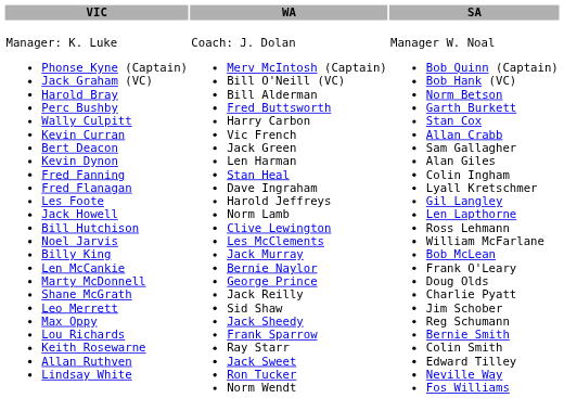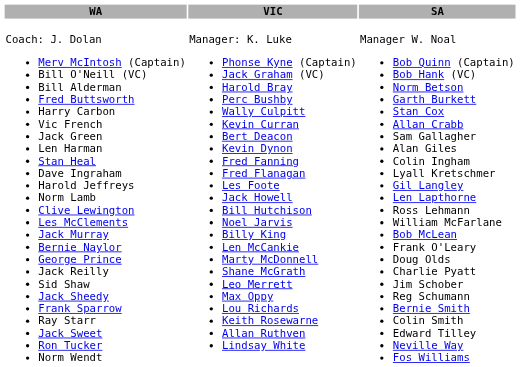 <table>
 <tr bgcolor="#B0B0B0">
+<th><span>WA</span></th>
 <th><span>VIC</span></th>
-<th><span>WA</span></th>
 <th><span>SA</span></th>
 </tr>
 <tr valign="top">
+<td><br>Coach: J. Dolan<ul><li><a href='#'>Merv McIntosh</a> (Captain)</li><li>Bill O'Neill (VC)</li><li>Bill Alderman</li><li><a href='#'>Fred Buttsworth</a></li><li>Harry Carbon</li><li>Vic French</li><li>Jack Green</li><li>Len Harman</li><li><a href='#'>Stan Heal</a></li><li>Dave Ingraham</li><li>Harold Jeffreys</li><li>Norm Lamb</li><li><a href='#'>Clive Lewington</a></li><li><a href='#'>Les McClements</a></li><li><a href='#'>Jack Murray</a></li><li><a href='#'>Bernie Naylor</a></li><li><a href='#'>George Prince</a></li><li>Jack Reilly</li><li>Sid Shaw</li><li><a href='#'>Jack Sheedy</a></li><li><a href='#'>Frank Sparrow</a></li><li>Ray Starr</li><li><a href='#'>Jack Sweet</a></li><li><a href='#'>Ron Tucker</a></li><li>Norm Wendt</li></ul></td>
 <td><br>Manager: K. Luke<ul><li><a href='#'>Phonse Kyne</a> (Captain)</li><li><a href='#'>Jack Graham</a> (VC)</li><li><a href='#'>Harold Bray</a></li><li><a href='#'>Perc Bushby</a></li><li><a href='#'>Wally Culpitt</a></li><li><a href='#'>Kevin Curran</a></li><li><a href='#'>Bert Deacon</a></li><li><a href='#'>Kevin Dynon</a></li><li><a href='#'>Fred Fanning</a></li><li><a href='#'>Fred Flanagan</a></li><li><a href='#'>Les Foote</a></li><li><a href='#'>Jack Howell</a></li><li><a href='#'>Bill Hutchison</a></li><li><a href='#'>Noel Jarvis</a></li><li><a href='#'>Billy King</a></li><li><a href='#'>Len McCankie</a></li><li><a href='#'>Marty McDonnell</a></li><li><a href='#'>Shane McGrath</a></li><li><a href='#'>Leo Merrett</a></li><li><a href='#'>Max Oppy</a></li><li><a href='#'>Lou Richards</a></li><li><a href='#'>Keith Rosewarne</a></li><li><a href='#'>Allan Ruthven</a></li><li><a href='#'>Lindsay White</a></li></ul></td>
-<td><br>Coach: J. Dolan<ul><li><a href='#'>Merv McIntosh</a> (Captain)</li><li>Bill O'Neill (VC)</li><li>Bill Alderman</li><li><a href='#'>Fred Buttsworth</a></li><li>Harry Carbon</li><li>Vic French</li><li>Jack Green</li><li>Len Harman</li><li><a href='#'>Stan Heal</a></li><li>Dave Ingraham</li><li>Harold Jeffreys</li><li>Norm Lamb</li><li><a href='#'>Clive Lewington</a></li><li><a href='#'>Les McClements</a></li><li><a href='#'>Jack Murray</a></li><li><a href='#'>Bernie Naylor</a></li><li><a href='#'>George Prince</a></li><li>Jack Reilly</li><li>Sid Shaw</li><li><a href='#'>Jack Sheedy</a></li><li><a href='#'>Frank Sparrow</a></li><li>Ray Starr</li><li><a href='#'>Jack Sweet</a></li><li><a href='#'>Ron Tucker</a></li><li>Norm Wendt</li></ul></td>
 <td><br>Manager W. Noal<ul><li><a href='#'>Bob Quinn</a> (Captain)</li><li><a href='#'>Bob Hank</a> (VC)</li><li><a href='#'>Norm Betson</a></li><li><a href='#'>Garth Burkett</a></li><li><a href='#'>Stan Cox</a></li><li><a href='#'>Allan Crabb</a></li><li>Sam Gallagher</li><li>Alan Giles</li><li>Colin Ingham</li><li>Lyall Kretschmer</li><li><a href='#'>Gil Langley</a></li><li><a href='#'>Len Lapthorne</a></li><li>Ross Lehmann</li><li>William McFarlane</li><li><a href='#'>Bob McLean</a></li><li>Frank O'Leary</li><li>Doug Olds</li><li>Charlie Pyatt</li><li>Jim Schober</li><li>Reg Schumann</li><li><a href='#'>Bernie Smith</a></li><li>Colin Smith</li><li>Edward Tilley</li><li><a href='#'>Neville Way</a></li><li><a href='#'>Fos Williams</a></li></ul></td>
 </tr>
 </table>
